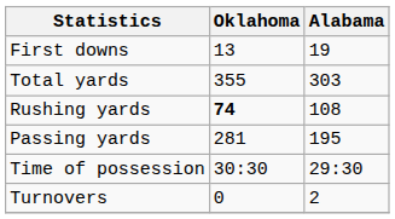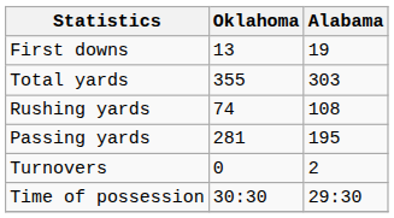 <table class="wikitable" style="float: left;">
 <tr>
 <th>Statistics</th>
 <th>Oklahoma</th>
 <th>Alabama</th>
 </tr>
 <tr>
 <td>First downs</td>
 <td>13</td>
 <td>19</td>
 </tr>
 <tr>
 <td>Total yards</td>
 <td>355</td>
 <td>303</td>
 </tr>
 <tr>
 <td>Rushing yards</td>
-<td><strong>74</strong></td>
+<td>74</td>
 <td>108</td>
 </tr>
 <tr>
 <td>Passing yards</td>
 <td>281</td>
 <td>195</td>
 </tr>
 <tr>
+<td>Turnovers</td>
+<td>0</td>
+<td>2</td>
+</tr>
+<tr>
 <td>Time of possession</td>
 <td>30:30</td>
 <td>29:30</td>
 </tr>
 <tr>
-<td>Turnovers</td>
-<td>0</td>
-<td>2</td>
-</tr>
-<tr>
 </tr>
 </table>
